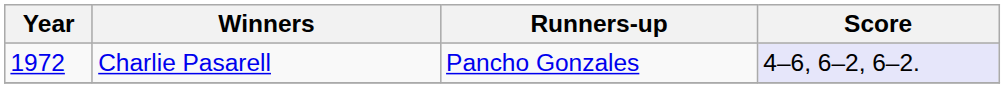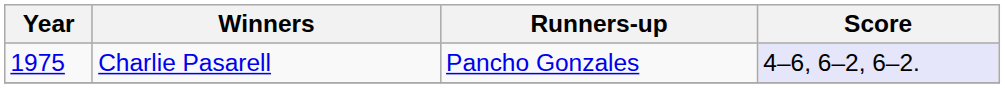 <table class="wikitable">
 <tr>
 <th style="width:50px">Year</th>
 <th style="width:220px">Winners</th>
 <th style="width:200px">Runners-up</th>
 <th style="width:150px" class="unsortable">Score</th>
 </tr>
 <tr>
-<td><a href='#'>1972</a></td>
+<td><a href='#'>1975</a></td>
 <td> <a href='#'>Charlie Pasarell</a></td>
 <td> <a href='#'>Pancho Gonzales</a></td>
 <td style="background: lavender;">4–6, 6–2, 6–2.</td>
 </tr>
 <tr>
 </tr>
 </table>
